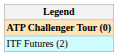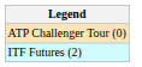 <table class="wikitable">
 <tr>
 <th>Legend</th>
 </tr>
 <tr style="background:moccasin;">
-<td><strong>ATP Challenger Tour (0)</strong></td>
+<td>ATP Challenger Tour (0)</td>
 </tr>
 <tr style="background:#cffcff;">
 <td>ITF Futures (2)</td>
 </tr>
 </table>
